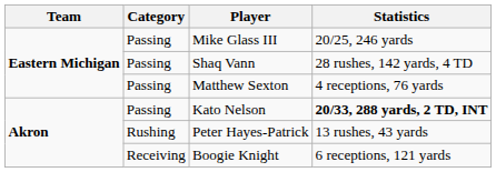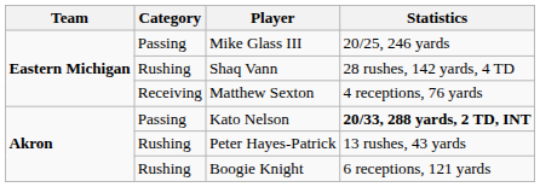 <table class="wikitable" style="float: left;">
 <tr>
 <th>Team</th>
 <th>Category</th>
 <th>Player</th>
 <th>Statistics</th>
 </tr>
 <tr>
 <td rowspan=3><strong>Eastern Michigan</strong></td>
 <td>Passing</td>
 <td>Mike Glass III</td>
 <td>20/25, 246 yards</td>
 </tr>
 <tr>
-<td>Passing</td>
+<td>Rushing</td>
 <td>Shaq Vann</td>
 <td>28 rushes, 142 yards, 4 TD</td>
 </tr>
 <tr>
-<td>Passing</td>
+<td>Receiving</td>
 <td>Matthew Sexton</td>
 <td>4 receptions, 76 yards</td>
 </tr>
 <tr>
 <td rowspan=3><strong>Akron</strong></td>
 <td>Passing</td>
 <td>Kato Nelson</td>
 <td><strong>20/33, 288 yards, 2 TD, INT</strong></td>
 </tr>
 <tr>
 <td>Rushing</td>
 <td>Peter Hayes-Patrick</td>
 <td>13 rushes, 43 yards</td>
 </tr>
 <tr>
-<td>Receiving</td>
+<td>Rushing</td>
 <td>Boogie Knight</td>
 <td>6 receptions, 121 yards</td>
 </tr>
 </table>
